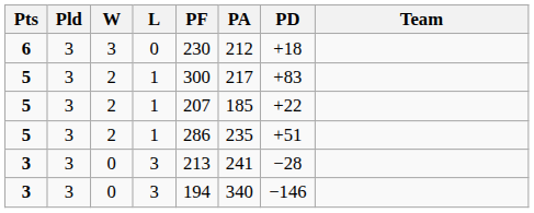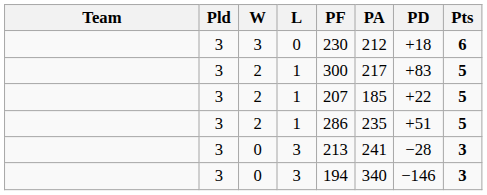 <table class=wikitable style="text-align:center">
 <tr>
-<th width=30>Pts</th>
+<th width=180>Team</th>
 <th width=30>Pld</th>
 <th width=30>W</th>
 <th width=30>L</th>
 <th width=30>PF</th>
 <th width=30>PA</th>
 <th width=40>PD</th>
-<th width=180>Team</th>
+<th width=30>Pts</th>
 </tr>
 <tr>
-<td><strong>6</strong></td>
+<td align="left"></td>
 <td>3</td>
 <td>3</td>
 <td>0</td>
 <td>230</td>
 <td>212</td>
 <td>+18</td>
-<td align="left"></td>
+<td><strong>6</strong></td>
 </tr>
 <tr>
-<td><strong>5</strong></td>
+<td align="left"></td>
 <td>3</td>
 <td>2</td>
 <td>1</td>
 <td>300</td>
 <td>217</td>
 <td>+83</td>
-<td align="left"></td>
+<td><strong>5</strong></td>
 </tr>
 <tr>
-<td><strong>5</strong></td>
+<td align="left"></td>
 <td>3</td>
 <td>2</td>
 <td>1</td>
 <td>207</td>
 <td>185</td>
 <td>+22</td>
-<td align="left"></td>
+<td><strong>5</strong></td>
 </tr>
 <tr>
-<td><strong>5</strong></td>
+<td align="left"></td>
 <td>3</td>
 <td>2</td>
 <td>1</td>
 <td>286</td>
 <td>235</td>
 <td>+51</td>
-<td align="left"></td>
+<td><strong>5</strong></td>
 </tr>
 <tr>
-<td><strong>3</strong></td>
+<td align="left"></td>
 <td>3</td>
 <td>0</td>
 <td>3</td>
 <td>213</td>
 <td>241</td>
 <td>−28</td>
-<td align="left"></td>
+<td><strong>3</strong></td>
 </tr>
 <tr>
-<td><strong>3</strong></td>
+<td align="left"></td>
 <td>3</td>
 <td>0</td>
 <td>3</td>
 <td>194</td>
 <td>340</td>
 <td>−146</td>
-<td align="left"></td>
+<td><strong>3</strong></td>
 </tr>
 </table>
